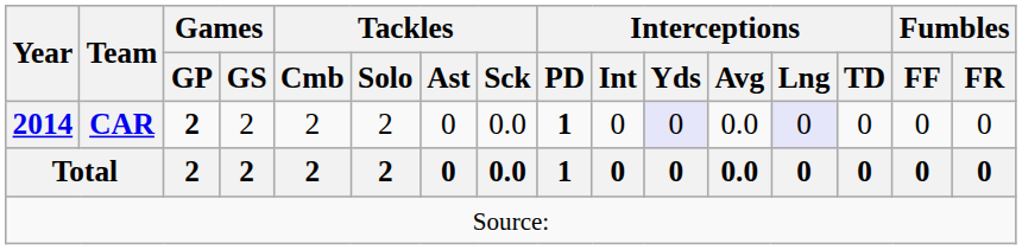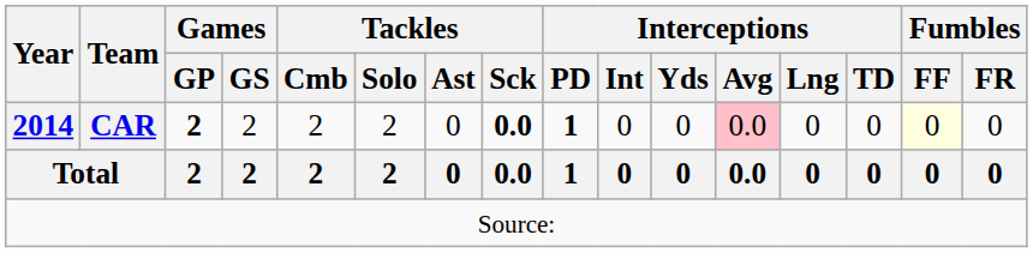 <table class="wikitable" style="text-align: center;">
 <tr>
 <th rowspan="2">Year</th>
 <th rowspan="2">Team</th>
 <th colspan="2">Games</th>
 <th colspan="4">Tackles</th>
 <th colspan="6">Interceptions</th>
 <th colspan="2">Fumbles</th>
 </tr>
 <tr>
 <th>GP</th>
 <th>GS</th>
 <th>Cmb</th>
 <th>Solo</th>
 <th>Ast</th>
 <th>Sck</th>
 <th>PD</th>
 <th>Int</th>
 <th>Yds</th>
 <th>Avg</th>
 <th>Lng</th>
 <th>TD</th>
 <th>FF</th>
 <th>FR</th>
 </tr>
 <tr>
 <th><a href='#'>2014</a></th>
 <th><a href='#'>CAR</a></th>
 <td><strong>2</strong></td>
 <td>2</td>
 <td>2</td>
 <td>2</td>
 <td>0</td>
-<td>0.0</td>
+<td><strong>0.0</strong></td>
 <td><strong>1</strong></td>
 <td>0</td>
-<td style="background: lavender;">0</td>
-<td>0.0</td>
-<td style="background: lavender;">0</td>
+<td>0</td>
+<td style="background: pink;">0.0</td>
 <td>0</td>
 <td>0</td>
+<td style="background: lightyellow;">0</td>
 <td>0</td>
 </tr>
 <tr>
 <th colspan="2">Total</th>
 <th>2</th>
 <th>2</th>
 <th>2</th>
 <th>2</th>
 <th>0</th>
 <th>0.0</th>
 <th>1</th>
 <th>0</th>
 <th>0</th>
 <th>0.0</th>
 <th>0</th>
 <th>0</th>
 <th>0</th>
 <th>0</th>
 </tr>
 <tr>
 <td colspan="17"><small>Source: </small></td>
 </tr>
 </table>
